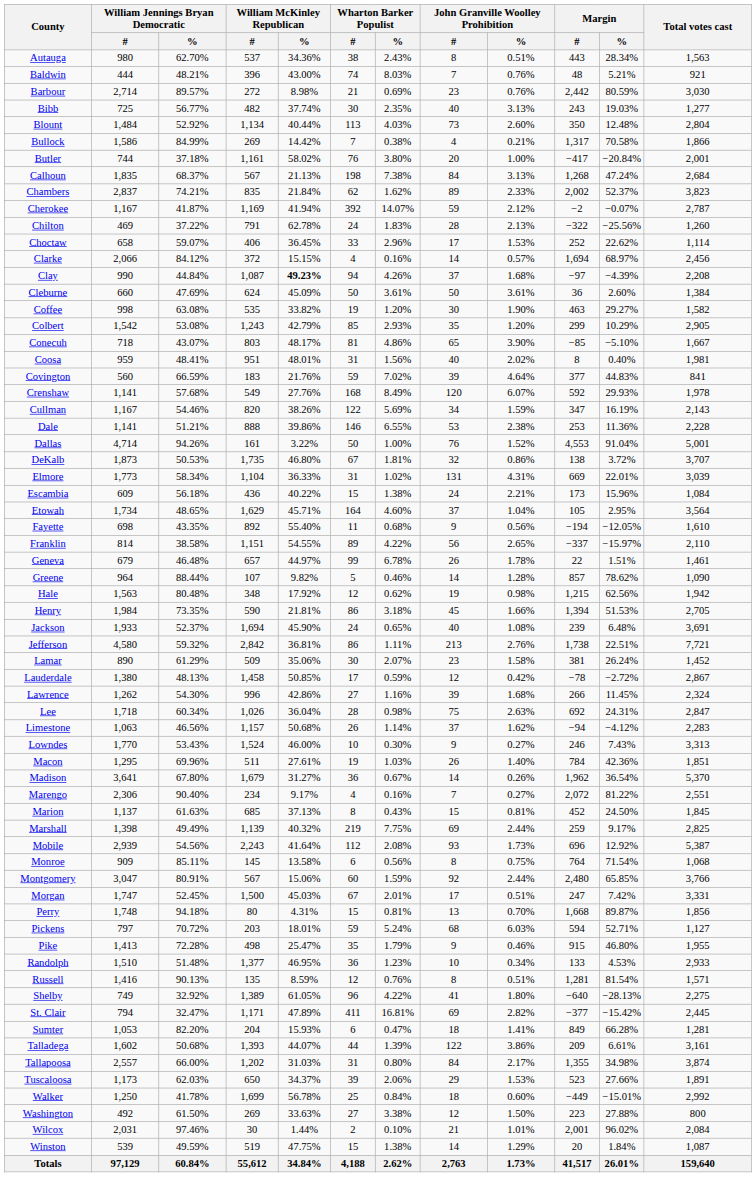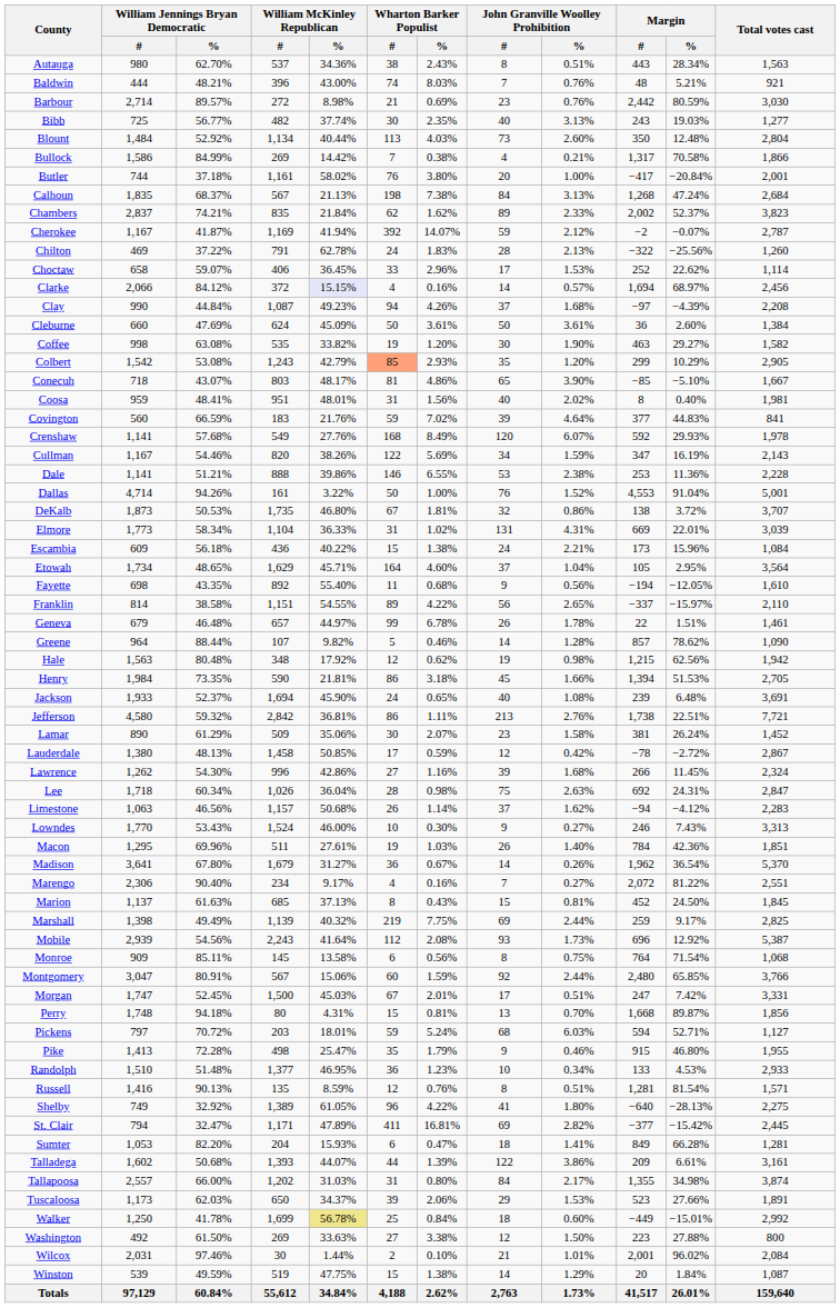 <table class="wikitable sortable mw-collapsible mw-collapsed" style="text-align:center">
 <tr>
 <th rowspan="2">County</th>
 <th style="text-align:center;" colspan="2">William Jennings Bryan<br>Democratic</th>
 <th style="text-align:center;" colspan="2">William McKinley<br>Republican</th>
 <th style="text-align:center;" colspan="2">Wharton Barker<br>Populist</th>
 <th style="text-align:center;" colspan="2">John Granville Woolley<br>Prohibition</th>
 <th style="text-align:center;" colspan="2">Margin</th>
 <th rowspan="2" style="text-align:center;" data-sort-type="number">Total votes cast</th>
 </tr>
 <tr>
 <th data-sort-type="number" width="9%">#</th>
 <th data-sort-type="number" width="9%">%</th>
 <th data-sort-type="number" width="7%">#</th>
 <th data-sort-type="number" width="7%">%</th>
 <th data-sort-type="number" width="6%">#</th>
 <th data-sort-type="number" width="6%">%</th>
 <th data-sort-type="number" width="9%">#</th>
 <th data-sort-type="number" width="9%">%</th>
 <th data-sort-type="number" width="6%">#</th>
 <th data-sort-type="number" width="6%">%</th>
 </tr>
 <tr style="text-align:center;">
 <td><a href='#'>Autauga</a></td>
 <td>980</td>
 <td>62.70%</td>
 <td>537</td>
 <td>34.36%</td>
 <td>38</td>
 <td>2.43%</td>
 <td>8</td>
 <td>0.51%</td>
 <td>443</td>
 <td>28.34%</td>
 <td>1,563</td>
 </tr>
 <tr style="text-align:center;">
 <td><a href='#'>Baldwin</a></td>
 <td>444</td>
 <td>48.21%</td>
 <td>396</td>
 <td>43.00%</td>
 <td>74</td>
 <td>8.03%</td>
 <td>7</td>
 <td>0.76%</td>
 <td>48</td>
 <td>5.21%</td>
 <td>921</td>
 </tr>
 <tr style="text-align:center;">
 <td><a href='#'>Barbour</a></td>
 <td>2,714</td>
 <td>89.57%</td>
 <td>272</td>
 <td>8.98%</td>
 <td>21</td>
 <td>0.69%</td>
 <td>23</td>
 <td>0.76%</td>
 <td>2,442</td>
 <td>80.59%</td>
 <td>3,030</td>
 </tr>
 <tr style="text-align:center;">
 <td><a href='#'>Bibb</a></td>
 <td>725</td>
 <td>56.77%</td>
 <td>482</td>
 <td>37.74%</td>
 <td>30</td>
 <td>2.35%</td>
 <td>40</td>
 <td>3.13%</td>
 <td>243</td>
 <td>19.03%</td>
 <td>1,277</td>
 </tr>
 <tr style="text-align:center;">
 <td><a href='#'>Blount</a></td>
 <td>1,484</td>
 <td>52.92%</td>
 <td>1,134</td>
 <td>40.44%</td>
 <td>113</td>
 <td>4.03%</td>
 <td>73</td>
 <td>2.60%</td>
 <td>350</td>
 <td>12.48%</td>
 <td>2,804</td>
 </tr>
 <tr style="text-align:center;">
 <td><a href='#'>Bullock</a></td>
 <td>1,586</td>
 <td>84.99%</td>
 <td>269</td>
 <td>14.42%</td>
 <td>7</td>
 <td>0.38%</td>
 <td>4</td>
 <td>0.21%</td>
 <td>1,317</td>
 <td>70.58%</td>
 <td>1,866</td>
 </tr>
 <tr style="text-align:center;">
 <td><a href='#'>Butler</a></td>
 <td>744</td>
 <td>37.18%</td>
 <td>1,161</td>
 <td>58.02%</td>
 <td>76</td>
 <td>3.80%</td>
 <td>20</td>
 <td>1.00%</td>
 <td>−417</td>
 <td>−20.84%</td>
 <td>2,001</td>
 </tr>
 <tr style="text-align:center;">
 <td><a href='#'>Calhoun</a></td>
 <td>1,835</td>
 <td>68.37%</td>
 <td>567</td>
 <td>21.13%</td>
 <td>198</td>
 <td>7.38%</td>
 <td>84</td>
 <td>3.13%</td>
 <td>1,268</td>
 <td>47.24%</td>
 <td>2,684</td>
 </tr>
 <tr style="text-align:center;">
 <td><a href='#'>Chambers</a></td>
 <td>2,837</td>
 <td>74.21%</td>
 <td>835</td>
 <td>21.84%</td>
 <td>62</td>
 <td>1.62%</td>
 <td>89</td>
 <td>2.33%</td>
 <td>2,002</td>
 <td>52.37%</td>
 <td>3,823</td>
 </tr>
 <tr style="text-align:center;">
 <td><a href='#'>Cherokee</a></td>
 <td>1,167</td>
 <td>41.87%</td>
 <td>1,169</td>
 <td>41.94%</td>
 <td>392</td>
 <td>14.07%</td>
 <td>59</td>
 <td>2.12%</td>
 <td>−2</td>
 <td>−0.07%</td>
 <td>2,787</td>
 </tr>
 <tr style="text-align:center;">
 <td><a href='#'>Chilton</a></td>
 <td>469</td>
 <td>37.22%</td>
 <td>791</td>
 <td>62.78%</td>
 <td>24</td>
 <td>1.83%</td>
 <td>28</td>
 <td>2.13%</td>
 <td>−322</td>
 <td>−25.56%</td>
 <td>1,260</td>
 </tr>
 <tr style="text-align:center;">
 <td><a href='#'>Choctaw</a></td>
 <td>658</td>
 <td>59.07%</td>
 <td>406</td>
 <td>36.45%</td>
 <td>33</td>
 <td>2.96%</td>
 <td>17</td>
 <td>1.53%</td>
 <td>252</td>
 <td>22.62%</td>
 <td>1,114</td>
 </tr>
 <tr style="text-align:center;">
 <td><a href='#'>Clarke</a></td>
 <td>2,066</td>
 <td>84.12%</td>
 <td>372</td>
-<td>15.15%</td>
+<td style="background: lavender;">15.15%</td>
 <td>4</td>
 <td>0.16%</td>
 <td>14</td>
 <td>0.57%</td>
 <td>1,694</td>
 <td>68.97%</td>
 <td>2,456</td>
 </tr>
 <tr style="text-align:center;">
 <td><a href='#'>Clay</a></td>
 <td>990</td>
 <td>44.84%</td>
 <td>1,087</td>
-<td><strong>49.23%</strong></td>
+<td>49.23%</td>
 <td>94</td>
 <td>4.26%</td>
 <td>37</td>
 <td>1.68%</td>
 <td>−97</td>
 <td>−4.39%</td>
 <td>2,208</td>
 </tr>
 <tr style="text-align:center;">
 <td><a href='#'>Cleburne</a></td>
 <td>660</td>
 <td>47.69%</td>
 <td>624</td>
 <td>45.09%</td>
 <td>50</td>
 <td>3.61%</td>
 <td>50</td>
 <td>3.61%</td>
 <td>36</td>
 <td>2.60%</td>
 <td>1,384</td>
 </tr>
 <tr style="text-align:center;">
 <td><a href='#'>Coffee</a></td>
 <td>998</td>
 <td>63.08%</td>
 <td>535</td>
 <td>33.82%</td>
 <td>19</td>
 <td>1.20%</td>
 <td>30</td>
 <td>1.90%</td>
 <td>463</td>
 <td>29.27%</td>
 <td>1,582</td>
 </tr>
 <tr style="text-align:center;">
 <td><a href='#'>Colbert</a></td>
 <td>1,542</td>
 <td>53.08%</td>
 <td>1,243</td>
 <td>42.79%</td>
-<td>85</td>
+<td style="background: lightsalmon;">85</td>
 <td>2.93%</td>
 <td>35</td>
 <td>1.20%</td>
 <td>299</td>
 <td>10.29%</td>
 <td>2,905</td>
 </tr>
 <tr style="text-align:center;">
 <td><a href='#'>Conecuh</a></td>
 <td>718</td>
 <td>43.07%</td>
 <td>803</td>
 <td>48.17%</td>
 <td>81</td>
 <td>4.86%</td>
 <td>65</td>
 <td>3.90%</td>
 <td>−85</td>
 <td>−5.10%</td>
 <td>1,667</td>
 </tr>
 <tr style="text-align:center;">
 <td><a href='#'>Coosa</a></td>
 <td>959</td>
 <td>48.41%</td>
 <td>951</td>
 <td>48.01%</td>
 <td>31</td>
 <td>1.56%</td>
 <td>40</td>
 <td>2.02%</td>
 <td>8</td>
 <td>0.40%</td>
 <td>1,981</td>
 </tr>
 <tr style="text-align:center;">
 <td><a href='#'>Covington</a></td>
 <td>560</td>
 <td>66.59%</td>
 <td>183</td>
 <td>21.76%</td>
 <td>59</td>
 <td>7.02%</td>
 <td>39</td>
 <td>4.64%</td>
 <td>377</td>
 <td>44.83%</td>
 <td>841</td>
 </tr>
 <tr style="text-align:center;">
 <td><a href='#'>Crenshaw</a></td>
 <td>1,141</td>
 <td>57.68%</td>
 <td>549</td>
 <td>27.76%</td>
 <td>168</td>
 <td>8.49%</td>
 <td>120</td>
 <td>6.07%</td>
 <td>592</td>
 <td>29.93%</td>
 <td>1,978</td>
 </tr>
 <tr style="text-align:center;">
 <td><a href='#'>Cullman</a></td>
 <td>1,167</td>
 <td>54.46%</td>
 <td>820</td>
 <td>38.26%</td>
 <td>122</td>
 <td>5.69%</td>
 <td>34</td>
 <td>1.59%</td>
 <td>347</td>
 <td>16.19%</td>
 <td>2,143</td>
 </tr>
 <tr style="text-align:center;">
 <td><a href='#'>Dale</a></td>
 <td>1,141</td>
 <td>51.21%</td>
 <td>888</td>
 <td>39.86%</td>
 <td>146</td>
 <td>6.55%</td>
 <td>53</td>
 <td>2.38%</td>
 <td>253</td>
 <td>11.36%</td>
 <td>2,228</td>
 </tr>
 <tr style="text-align:center;">
 <td><a href='#'>Dallas</a></td>
 <td>4,714</td>
 <td>94.26%</td>
 <td>161</td>
 <td>3.22%</td>
 <td>50</td>
 <td>1.00%</td>
 <td>76</td>
 <td>1.52%</td>
 <td>4,553</td>
 <td>91.04%</td>
 <td>5,001</td>
 </tr>
 <tr style="text-align:center;">
 <td><a href='#'>DeKalb</a></td>
 <td>1,873</td>
 <td>50.53%</td>
 <td>1,735</td>
 <td>46.80%</td>
 <td>67</td>
 <td>1.81%</td>
 <td>32</td>
 <td>0.86%</td>
 <td>138</td>
 <td>3.72%</td>
 <td>3,707</td>
 </tr>
 <tr style="text-align:center;">
 <td><a href='#'>Elmore</a></td>
 <td>1,773</td>
 <td>58.34%</td>
 <td>1,104</td>
 <td>36.33%</td>
 <td>31</td>
 <td>1.02%</td>
 <td>131</td>
 <td>4.31%</td>
 <td>669</td>
 <td>22.01%</td>
 <td>3,039</td>
 </tr>
 <tr style="text-align:center;">
 <td><a href='#'>Escambia</a></td>
 <td>609</td>
 <td>56.18%</td>
 <td>436</td>
 <td>40.22%</td>
 <td>15</td>
 <td>1.38%</td>
 <td>24</td>
 <td>2.21%</td>
 <td>173</td>
 <td>15.96%</td>
 <td>1,084</td>
 </tr>
 <tr style="text-align:center;">
 <td><a href='#'>Etowah</a></td>
 <td>1,734</td>
 <td>48.65%</td>
 <td>1,629</td>
 <td>45.71%</td>
 <td>164</td>
 <td>4.60%</td>
 <td>37</td>
 <td>1.04%</td>
 <td>105</td>
 <td>2.95%</td>
 <td>3,564</td>
 </tr>
 <tr style="text-align:center;">
 <td><a href='#'>Fayette</a></td>
 <td>698</td>
 <td>43.35%</td>
 <td>892</td>
 <td>55.40%</td>
 <td>11</td>
 <td>0.68%</td>
 <td>9</td>
 <td>0.56%</td>
 <td>−194</td>
 <td>−12.05%</td>
 <td>1,610</td>
 </tr>
 <tr style="text-align:center;">
 <td><a href='#'>Franklin</a></td>
 <td>814</td>
 <td>38.58%</td>
 <td>1,151</td>
 <td>54.55%</td>
 <td>89</td>
 <td>4.22%</td>
 <td>56</td>
 <td>2.65%</td>
 <td>−337</td>
 <td>−15.97%</td>
 <td>2,110</td>
 </tr>
 <tr style="text-align:center;">
 <td><a href='#'>Geneva</a></td>
 <td>679</td>
 <td>46.48%</td>
 <td>657</td>
 <td>44.97%</td>
 <td>99</td>
 <td>6.78%</td>
 <td>26</td>
 <td>1.78%</td>
 <td>22</td>
 <td>1.51%</td>
 <td>1,461</td>
 </tr>
 <tr style="text-align:center;">
 <td><a href='#'>Greene</a></td>
 <td>964</td>
 <td>88.44%</td>
 <td>107</td>
 <td>9.82%</td>
 <td>5</td>
 <td>0.46%</td>
 <td>14</td>
 <td>1.28%</td>
 <td>857</td>
 <td>78.62%</td>
 <td>1,090</td>
 </tr>
 <tr style="text-align:center;">
 <td><a href='#'>Hale</a></td>
 <td>1,563</td>
 <td>80.48%</td>
 <td>348</td>
 <td>17.92%</td>
 <td>12</td>
 <td>0.62%</td>
 <td>19</td>
 <td>0.98%</td>
 <td>1,215</td>
 <td>62.56%</td>
 <td>1,942</td>
 </tr>
 <tr style="text-align:center;">
 <td><a href='#'>Henry</a></td>
 <td>1,984</td>
 <td>73.35%</td>
 <td>590</td>
 <td>21.81%</td>
 <td>86</td>
 <td>3.18%</td>
 <td>45</td>
 <td>1.66%</td>
 <td>1,394</td>
 <td>51.53%</td>
 <td>2,705</td>
 </tr>
 <tr style="text-align:center;">
 <td><a href='#'>Jackson</a></td>
 <td>1,933</td>
 <td>52.37%</td>
 <td>1,694</td>
 <td>45.90%</td>
 <td>24</td>
 <td>0.65%</td>
 <td>40</td>
 <td>1.08%</td>
 <td>239</td>
 <td>6.48%</td>
 <td>3,691</td>
 </tr>
 <tr style="text-align:center;">
 <td><a href='#'>Jefferson</a></td>
 <td>4,580</td>
 <td>59.32%</td>
 <td>2,842</td>
 <td>36.81%</td>
 <td>86</td>
 <td>1.11%</td>
 <td>213</td>
 <td>2.76%</td>
 <td>1,738</td>
 <td>22.51%</td>
 <td>7,721</td>
 </tr>
 <tr style="text-align:center;">
 <td><a href='#'>Lamar</a></td>
 <td>890</td>
 <td>61.29%</td>
 <td>509</td>
 <td>35.06%</td>
 <td>30</td>
 <td>2.07%</td>
 <td>23</td>
 <td>1.58%</td>
 <td>381</td>
 <td>26.24%</td>
 <td>1,452</td>
 </tr>
 <tr style="text-align:center;">
 <td><a href='#'>Lauderdale</a></td>
 <td>1,380</td>
 <td>48.13%</td>
 <td>1,458</td>
 <td>50.85%</td>
 <td>17</td>
 <td>0.59%</td>
 <td>12</td>
 <td>0.42%</td>
 <td>−78</td>
 <td>−2.72%</td>
 <td>2,867</td>
 </tr>
 <tr style="text-align:center;">
 <td><a href='#'>Lawrence</a></td>
 <td>1,262</td>
 <td>54.30%</td>
 <td>996</td>
 <td>42.86%</td>
 <td>27</td>
 <td>1.16%</td>
 <td>39</td>
 <td>1.68%</td>
 <td>266</td>
 <td>11.45%</td>
 <td>2,324</td>
 </tr>
 <tr style="text-align:center;">
 <td><a href='#'>Lee</a></td>
 <td>1,718</td>
 <td>60.34%</td>
 <td>1,026</td>
 <td>36.04%</td>
 <td>28</td>
 <td>0.98%</td>
 <td>75</td>
 <td>2.63%</td>
 <td>692</td>
 <td>24.31%</td>
 <td>2,847</td>
 </tr>
 <tr style="text-align:center;">
 <td><a href='#'>Limestone</a></td>
 <td>1,063</td>
 <td>46.56%</td>
 <td>1,157</td>
 <td>50.68%</td>
 <td>26</td>
 <td>1.14%</td>
 <td>37</td>
 <td>1.62%</td>
 <td>−94</td>
 <td>−4.12%</td>
 <td>2,283</td>
 </tr>
 <tr style="text-align:center;">
 <td><a href='#'>Lowndes</a></td>
 <td>1,770</td>
 <td>53.43%</td>
 <td>1,524</td>
 <td>46.00%</td>
 <td>10</td>
 <td>0.30%</td>
 <td>9</td>
 <td>0.27%</td>
 <td>246</td>
 <td>7.43%</td>
 <td>3,313</td>
 </tr>
 <tr style="text-align:center;">
 <td><a href='#'>Macon</a></td>
 <td>1,295</td>
 <td>69.96%</td>
 <td>511</td>
 <td>27.61%</td>
 <td>19</td>
 <td>1.03%</td>
 <td>26</td>
 <td>1.40%</td>
 <td>784</td>
 <td>42.36%</td>
 <td>1,851</td>
 </tr>
 <tr style="text-align:center;">
 <td><a href='#'>Madison</a></td>
 <td>3,641</td>
 <td>67.80%</td>
 <td>1,679</td>
 <td>31.27%</td>
 <td>36</td>
 <td>0.67%</td>
 <td>14</td>
 <td>0.26%</td>
 <td>1,962</td>
 <td>36.54%</td>
 <td>5,370</td>
 </tr>
 <tr style="text-align:center;">
 <td><a href='#'>Marengo</a></td>
 <td>2,306</td>
 <td>90.40%</td>
 <td>234</td>
 <td>9.17%</td>
 <td>4</td>
 <td>0.16%</td>
 <td>7</td>
 <td>0.27%</td>
 <td>2,072</td>
 <td>81.22%</td>
 <td>2,551</td>
 </tr>
 <tr style="text-align:center;">
 <td><a href='#'>Marion</a></td>
 <td>1,137</td>
 <td>61.63%</td>
 <td>685</td>
 <td>37.13%</td>
 <td>8</td>
 <td>0.43%</td>
 <td>15</td>
 <td>0.81%</td>
 <td>452</td>
 <td>24.50%</td>
 <td>1,845</td>
 </tr>
 <tr style="text-align:center;">
 <td><a href='#'>Marshall</a></td>
 <td>1,398</td>
 <td>49.49%</td>
 <td>1,139</td>
 <td>40.32%</td>
 <td>219</td>
 <td>7.75%</td>
 <td>69</td>
 <td>2.44%</td>
 <td>259</td>
 <td>9.17%</td>
 <td>2,825</td>
 </tr>
 <tr style="text-align:center;">
 <td><a href='#'>Mobile</a></td>
 <td>2,939</td>
 <td>54.56%</td>
 <td>2,243</td>
 <td>41.64%</td>
 <td>112</td>
 <td>2.08%</td>
 <td>93</td>
 <td>1.73%</td>
 <td>696</td>
 <td>12.92%</td>
 <td>5,387</td>
 </tr>
 <tr style="text-align:center;">
 <td><a href='#'>Monroe</a></td>
 <td>909</td>
 <td>85.11%</td>
 <td>145</td>
 <td>13.58%</td>
 <td>6</td>
 <td>0.56%</td>
 <td>8</td>
 <td>0.75%</td>
 <td>764</td>
 <td>71.54%</td>
 <td>1,068</td>
 </tr>
 <tr style="text-align:center;">
 <td><a href='#'>Montgomery</a></td>
 <td>3,047</td>
 <td>80.91%</td>
 <td>567</td>
 <td>15.06%</td>
 <td>60</td>
 <td>1.59%</td>
 <td>92</td>
 <td>2.44%</td>
 <td>2,480</td>
 <td>65.85%</td>
 <td>3,766</td>
 </tr>
 <tr style="text-align:center;">
 <td><a href='#'>Morgan</a></td>
 <td>1,747</td>
 <td>52.45%</td>
 <td>1,500</td>
 <td>45.03%</td>
 <td>67</td>
 <td>2.01%</td>
 <td>17</td>
 <td>0.51%</td>
 <td>247</td>
 <td>7.42%</td>
 <td>3,331</td>
 </tr>
 <tr style="text-align:center;">
 <td><a href='#'>Perry</a></td>
 <td>1,748</td>
 <td>94.18%</td>
 <td>80</td>
 <td>4.31%</td>
 <td>15</td>
 <td>0.81%</td>
 <td>13</td>
 <td>0.70%</td>
 <td>1,668</td>
 <td>89.87%</td>
 <td>1,856</td>
 </tr>
 <tr style="text-align:center;">
 <td><a href='#'>Pickens</a></td>
 <td>797</td>
 <td>70.72%</td>
 <td>203</td>
 <td>18.01%</td>
 <td>59</td>
 <td>5.24%</td>
 <td>68</td>
 <td>6.03%</td>
 <td>594</td>
 <td>52.71%</td>
 <td>1,127</td>
 </tr>
 <tr style="text-align:center;">
 <td><a href='#'>Pike</a></td>
 <td>1,413</td>
 <td>72.28%</td>
 <td>498</td>
 <td>25.47%</td>
 <td>35</td>
 <td>1.79%</td>
 <td>9</td>
 <td>0.46%</td>
 <td>915</td>
 <td>46.80%</td>
 <td>1,955</td>
 </tr>
 <tr style="text-align:center;">
 <td><a href='#'>Randolph</a></td>
 <td>1,510</td>
 <td>51.48%</td>
 <td>1,377</td>
 <td>46.95%</td>
 <td>36</td>
 <td>1.23%</td>
 <td>10</td>
 <td>0.34%</td>
 <td>133</td>
 <td>4.53%</td>
 <td>2,933</td>
 </tr>
 <tr style="text-align:center;">
 <td><a href='#'>Russell</a></td>
 <td>1,416</td>
 <td>90.13%</td>
 <td>135</td>
 <td>8.59%</td>
 <td>12</td>
 <td>0.76%</td>
 <td>8</td>
 <td>0.51%</td>
 <td>1,281</td>
 <td>81.54%</td>
 <td>1,571</td>
 </tr>
 <tr style="text-align:center;">
 <td><a href='#'>Shelby</a></td>
 <td>749</td>
 <td>32.92%</td>
 <td>1,389</td>
 <td>61.05%</td>
 <td>96</td>
 <td>4.22%</td>
 <td>41</td>
 <td>1.80%</td>
 <td>−640</td>
 <td>−28.13%</td>
 <td>2,275</td>
 </tr>
 <tr style="text-align:center;">
 <td><a href='#'>St. Clair</a></td>
 <td>794</td>
 <td>32.47%</td>
 <td>1,171</td>
 <td>47.89%</td>
 <td>411</td>
 <td>16.81%</td>
 <td>69</td>
 <td>2.82%</td>
 <td>−377</td>
 <td>−15.42%</td>
 <td>2,445</td>
 </tr>
 <tr style="text-align:center;">
 <td><a href='#'>Sumter</a></td>
 <td>1,053</td>
 <td>82.20%</td>
 <td>204</td>
 <td>15.93%</td>
 <td>6</td>
 <td>0.47%</td>
 <td>18</td>
 <td>1.41%</td>
 <td>849</td>
 <td>66.28%</td>
 <td>1,281</td>
 </tr>
 <tr style="text-align:center;">
 <td><a href='#'>Talladega</a></td>
 <td>1,602</td>
 <td>50.68%</td>
 <td>1,393</td>
 <td>44.07%</td>
 <td>44</td>
 <td>1.39%</td>
 <td>122</td>
 <td>3.86%</td>
 <td>209</td>
 <td>6.61%</td>
 <td>3,161</td>
 </tr>
 <tr style="text-align:center;">
 <td><a href='#'>Tallapoosa</a></td>
 <td>2,557</td>
 <td>66.00%</td>
 <td>1,202</td>
 <td>31.03%</td>
 <td>31</td>
 <td>0.80%</td>
 <td>84</td>
 <td>2.17%</td>
 <td>1,355</td>
 <td>34.98%</td>
 <td>3,874</td>
 </tr>
 <tr style="text-align:center;">
 <td><a href='#'>Tuscaloosa</a></td>
 <td>1,173</td>
 <td>62.03%</td>
 <td>650</td>
 <td>34.37%</td>
 <td>39</td>
 <td>2.06%</td>
 <td>29</td>
 <td>1.53%</td>
 <td>523</td>
 <td>27.66%</td>
 <td>1,891</td>
 </tr>
 <tr style="text-align:center;">
 <td><a href='#'>Walker</a></td>
 <td>1,250</td>
 <td>41.78%</td>
 <td>1,699</td>
-<td>56.78%</td>
+<td style="background: khaki;">56.78%</td>
 <td>25</td>
 <td>0.84%</td>
 <td>18</td>
 <td>0.60%</td>
 <td>−449</td>
 <td>−15.01%</td>
 <td>2,992</td>
 </tr>
 <tr style="text-align:center;">
 <td><a href='#'>Washington</a></td>
 <td>492</td>
 <td>61.50%</td>
 <td>269</td>
 <td>33.63%</td>
 <td>27</td>
 <td>3.38%</td>
 <td>12</td>
 <td>1.50%</td>
 <td>223</td>
 <td>27.88%</td>
 <td>800</td>
 </tr>
 <tr style="text-align:center;">
 <td><a href='#'>Wilcox</a></td>
 <td>2,031</td>
 <td>97.46%</td>
 <td>30</td>
 <td>1.44%</td>
 <td>2</td>
 <td>0.10%</td>
 <td>21</td>
 <td>1.01%</td>
 <td>2,001</td>
 <td>96.02%</td>
 <td>2,084</td>
 </tr>
 <tr style="text-align:center;">
 <td><a href='#'>Winston</a></td>
 <td>539</td>
 <td>49.59%</td>
 <td>519</td>
 <td>47.75%</td>
 <td>15</td>
 <td>1.38%</td>
 <td>14</td>
 <td>1.29%</td>
 <td>20</td>
 <td>1.84%</td>
 <td>1,087</td>
 </tr>
 <tr style="text-align:center;">
 <th>Totals</th>
 <th>97,129</th>
 <th>60.84%</th>
 <th>55,612</th>
 <th>34.84%</th>
 <th>4,188</th>
 <th>2.62%</th>
 <th>2,763</th>
 <th>1.73%</th>
 <th>41,517</th>
 <th>26.01%</th>
 <th>159,640</th>
 </tr>
 </table>
